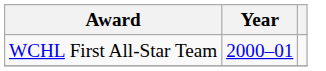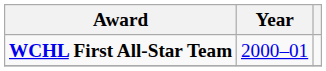 <table class="wikitable">
 <tr>
 <th>Award</th>
 <th>Year</th>
 <th></th>
 </tr>
 <tr>
-<td><a href='#'>WCHL</a> First All-Star Team</td>
+<td><strong><a href='#'>WCHL</a> First All-Star Team</strong></td>
 <td><a href='#'>2000–01</a></td>
 <td></td>
 </tr>
 <tr>
 </tr>
 </table>
